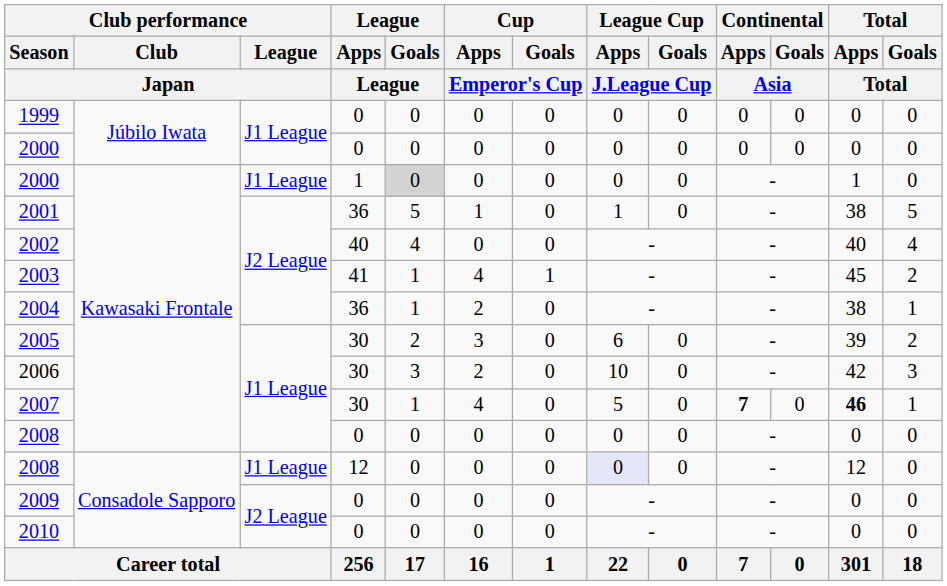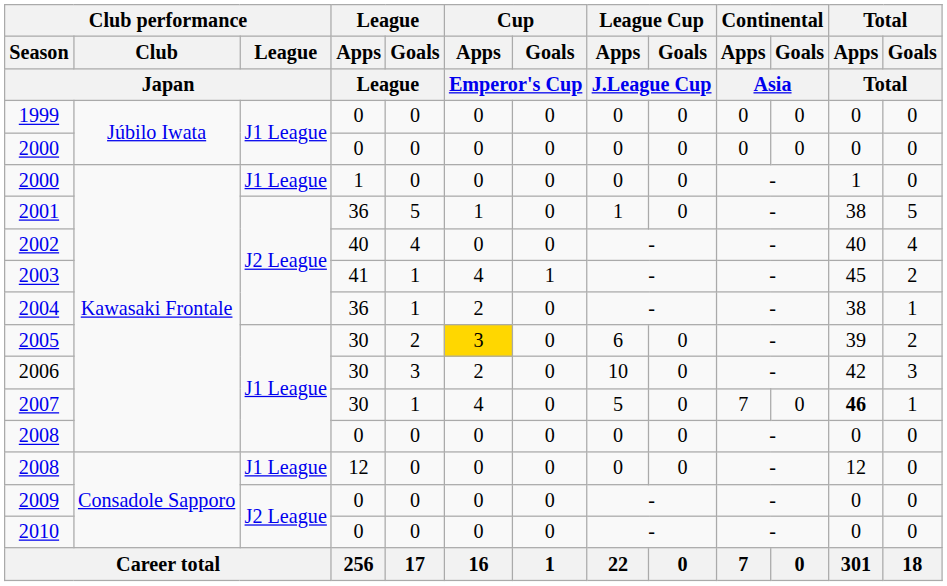 <table class="wikitable" style="text-align:center">
 <tr>
 <th colspan=3>Club performance</th>
 <th colspan=2>League</th>
 <th colspan=2>Cup</th>
 <th colspan=2>League Cup</th>
 <th colspan=2>Continental</th>
 <th colspan=2>Total</th>
 </tr>
 <tr>
 <th>Season</th>
 <th>Club</th>
 <th>League</th>
 <th>Apps</th>
 <th>Goals</th>
 <th>Apps</th>
 <th>Goals</th>
 <th>Apps</th>
 <th>Goals</th>
 <th>Apps</th>
 <th>Goals</th>
 <th>Apps</th>
 <th>Goals</th>
 </tr>
 <tr>
 <th colspan=3>Japan</th>
 <th colspan=2>League</th>
 <th colspan=2><a href='#'>Emperor's Cup</a></th>
 <th colspan=2><a href='#'>J.League Cup</a></th>
 <th colspan=2><a href='#'>Asia</a></th>
 <th colspan=2>Total</th>
 </tr>
 <tr>
 <td><a href='#'>1999</a></td>
 <td rowspan="2"><a href='#'>Júbilo Iwata</a></td>
 <td rowspan="2"><a href='#'>J1 League</a></td>
 <td>0</td>
 <td>0</td>
 <td>0</td>
 <td>0</td>
 <td>0</td>
 <td>0</td>
 <td>0</td>
 <td>0</td>
 <td>0</td>
 <td>0</td>
 </tr>
 <tr>
 <td><a href='#'>2000</a></td>
 <td>0</td>
 <td>0</td>
 <td>0</td>
 <td>0</td>
 <td>0</td>
 <td>0</td>
 <td>0</td>
 <td>0</td>
 <td>0</td>
 <td>0</td>
 </tr>
 <tr>
 <td><a href='#'>2000</a></td>
 <td rowspan="9"><a href='#'>Kawasaki Frontale</a></td>
 <td><a href='#'>J1 League</a></td>
 <td>1</td>
-<td style="background: lightgrey;">0</td>
+<td>0</td>
 <td>0</td>
 <td>0</td>
 <td>0</td>
 <td>0</td>
 <td colspan="2">-</td>
 <td>1</td>
 <td>0</td>
 </tr>
 <tr>
 <td><a href='#'>2001</a></td>
 <td rowspan="4"><a href='#'>J2 League</a></td>
 <td>36</td>
 <td>5</td>
 <td>1</td>
 <td>0</td>
 <td>1</td>
 <td>0</td>
 <td colspan="2">-</td>
 <td>38</td>
 <td>5</td>
 </tr>
 <tr>
 <td><a href='#'>2002</a></td>
 <td>40</td>
 <td>4</td>
 <td>0</td>
 <td>0</td>
 <td colspan="2">-</td>
 <td colspan="2">-</td>
 <td>40</td>
 <td>4</td>
 </tr>
 <tr>
 <td><a href='#'>2003</a></td>
 <td>41</td>
 <td>1</td>
 <td>4</td>
 <td>1</td>
 <td colspan="2">-</td>
 <td colspan="2">-</td>
 <td>45</td>
 <td>2</td>
 </tr>
 <tr>
 <td><a href='#'>2004</a></td>
 <td>36</td>
 <td>1</td>
 <td>2</td>
 <td>0</td>
 <td colspan="2">-</td>
 <td colspan="2">-</td>
 <td>38</td>
 <td>1</td>
 </tr>
 <tr>
 <td><a href='#'>2005</a></td>
 <td rowspan="4"><a href='#'>J1 League</a></td>
 <td>30</td>
 <td>2</td>
-<td>3</td>
+<td style="background: gold;">3</td>
 <td>0</td>
 <td>6</td>
 <td>0</td>
 <td colspan="2">-</td>
 <td>39</td>
 <td>2</td>
 </tr>
 <tr>
 <td>2006</td>
 <td>30</td>
 <td>3</td>
 <td>2</td>
 <td>0</td>
 <td>10</td>
 <td>0</td>
 <td colspan="2">-</td>
 <td>42</td>
 <td>3</td>
 </tr>
 <tr>
 <td><a href='#'>2007</a></td>
 <td>30</td>
 <td>1</td>
 <td>4</td>
 <td>0</td>
 <td>5</td>
 <td>0</td>
-<td><strong>7</strong></td>
+<td>7</td>
 <td>0</td>
 <td><strong>46</strong></td>
 <td>1</td>
 </tr>
 <tr>
 <td><a href='#'>2008</a></td>
 <td>0</td>
 <td>0</td>
 <td>0</td>
 <td>0</td>
 <td>0</td>
 <td>0</td>
 <td colspan="2">-</td>
 <td>0</td>
 <td>0</td>
 </tr>
 <tr>
 <td><a href='#'>2008</a></td>
 <td rowspan="3"><a href='#'>Consadole Sapporo</a></td>
 <td><a href='#'>J1 League</a></td>
 <td>12</td>
 <td>0</td>
 <td>0</td>
 <td>0</td>
-<td style="background: lavender;">0</td>
+<td>0</td>
 <td>0</td>
 <td colspan="2">-</td>
 <td>12</td>
 <td>0</td>
 </tr>
 <tr>
 <td><a href='#'>2009</a></td>
 <td rowspan="2"><a href='#'>J2 League</a></td>
 <td>0</td>
 <td>0</td>
 <td>0</td>
 <td>0</td>
 <td colspan="2">-</td>
 <td colspan="2">-</td>
 <td>0</td>
 <td>0</td>
 </tr>
 <tr>
 <td><a href='#'>2010</a></td>
 <td>0</td>
 <td>0</td>
 <td>0</td>
 <td>0</td>
 <td colspan="2">-</td>
 <td colspan="2">-</td>
 <td>0</td>
 <td>0</td>
 </tr>
 <tr>
 <th colspan=3>Career total</th>
 <th>256</th>
 <th>17</th>
 <th>16</th>
 <th>1</th>
 <th>22</th>
 <th>0</th>
 <th>7</th>
 <th>0</th>
 <th>301</th>
 <th>18</th>
 </tr>
 </table>
